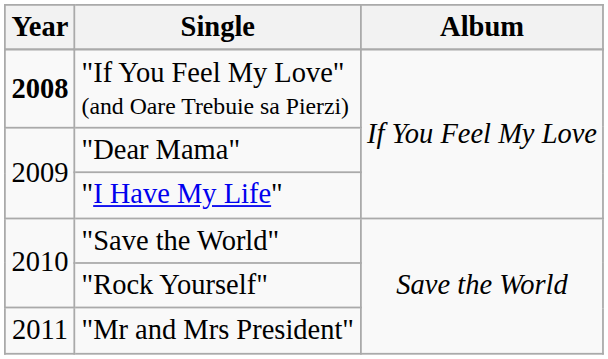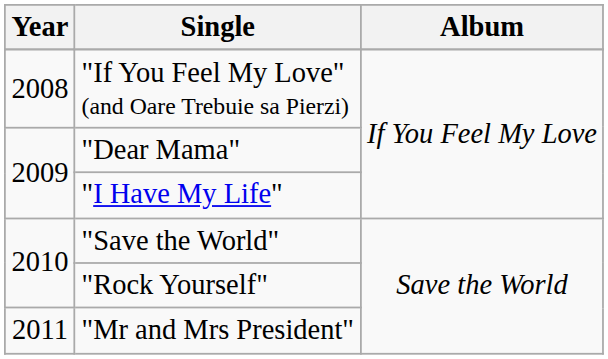 <table class="wikitable" style="text-align:center;">
 <tr>
 <th rowspan=1>Year</th>
 <th rowspan=1>Single</th>
 <th rowspan=1>Album</th>
 </tr>
 <tr style="font-size:smaller;">
 </tr>
 <tr>
-<td rowspan=1><strong>2008</strong></td>
+<td rowspan=1>2008</td>
 <td align=left>"If You Feel My Love"<br><small>(and Oare Trebuie sa Pierzi)</small></td>
 <td align=center rowspan=3><em>If You Feel My Love</em></td>
 </tr>
 <tr>
 <td rowspan=2>2009</td>
 <td align=left>"Dear Mama"</td>
 </tr>
 <tr>
 <td align=left>"<a href='#'>I Have My Life</a>"</td>
 </tr>
 <tr>
 <td rowspan=2>2010</td>
 <td align=left>"Save the World"</td>
 <td align=center rowspan=3><em>Save the World</em></td>
 </tr>
 <tr>
 <td align=left>"Rock Yourself"</td>
 </tr>
 <tr>
 <td rowspan=2>2011</td>
 <td align=left>"Mr and Mrs President"</td>
 </tr>
 </table>
